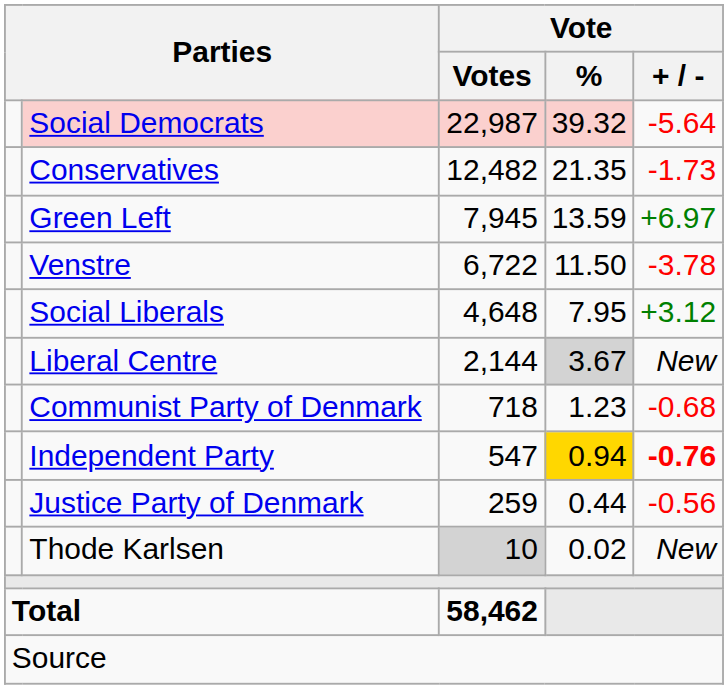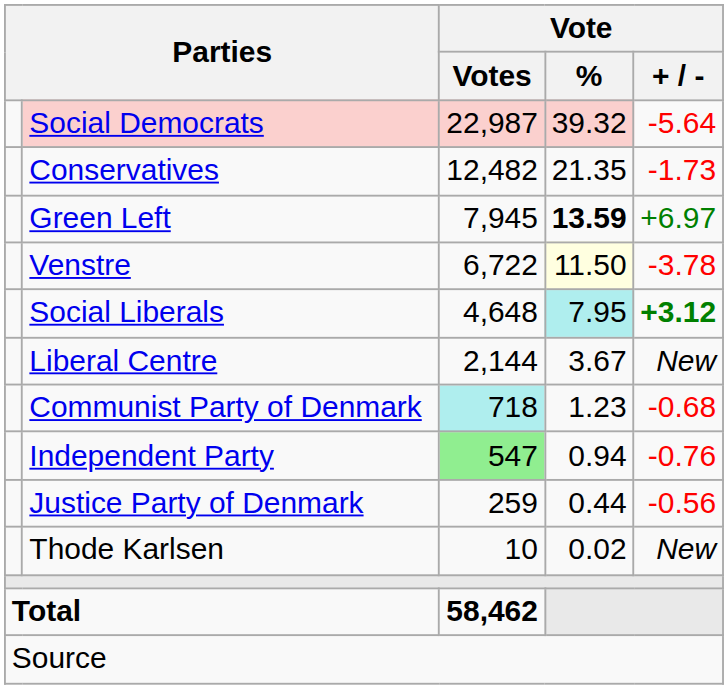 <table class="wikitable" style="text-align:right;">
 <tr>
 <th style="text-align:centre;" rowspan="2" colspan="2" width="225">Parties</th>
 <th colspan="3">Vote</th>
 </tr>
 <tr>
 <th width="15">Votes</th>
 <th width="15">%</th>
 <th width="15">+ / -</th>
 </tr>
 <tr>
 <td width="2" style="color:inherit;background:"></td>
 <td bgcolor=#fbd0ce  align="left"><a href='#'>Social Democrats</a></td>
 <td bgcolor=#fbd0ce>22,987</td>
 <td bgcolor=#fbd0ce>39.32</td>
 <td style=color:red;>-5.64</td>
 </tr>
 <tr>
 <td width="2" style="color:inherit;background:"></td>
 <td align="left"><a href='#'>Conservatives</a></td>
 <td>12,482</td>
 <td>21.35</td>
 <td style=color:red;>-1.73</td>
 </tr>
 <tr>
 <td width="2" style="color:inherit;background:"></td>
 <td align="left"><a href='#'>Green Left</a></td>
 <td>7,945</td>
-<td>13.59</td>
+<td><strong>13.59</strong></td>
 <td style=color:green;>+6.97</td>
 </tr>
 <tr>
 <td width="2" style="color:inherit;background:"></td>
 <td align="left"><a href='#'>Venstre</a></td>
 <td>6,722</td>
-<td>11.50</td>
+<td style="background: lightyellow;">11.50</td>
 <td style=color:red;>-3.78</td>
 </tr>
 <tr>
 <td width="2" style="color:inherit;background:"></td>
 <td align="left"><a href='#'>Social Liberals</a></td>
 <td>4,648</td>
-<td>7.95</td>
-<td style=color:green;>+3.12</td>
+<td style="background: paleturquoise;">7.95</td>
+<td style=color:green;><strong>+3.12</strong></td>
 </tr>
 <tr>
 <td width="2" style="color:inherit;background:"></td>
 <td align="left"><a href='#'>Liberal Centre</a></td>
 <td>2,144</td>
-<td style="background: lightgrey;">3.67</td>
+<td>3.67</td>
 <td><em>New</em></td>
 </tr>
 <tr>
 <td width="2" style="color:inherit;background:"></td>
 <td align="left"><a href='#'>Communist Party of Denmark</a></td>
-<td>718</td>
+<td style="background: paleturquoise;">718</td>
 <td>1.23</td>
 <td style=color:red;>-0.68</td>
 </tr>
 <tr>
 <td width="2" style="color:inherit;background:"></td>
 <td align="left"><a href='#'>Independent Party</a></td>
-<td>547</td>
-<td style="background: gold;">0.94</td>
-<td style=color:red;><strong>-0.76</strong></td>
+<td style="background: lightgreen;">547</td>
+<td>0.94</td>
+<td style=color:red;>-0.76</td>
 </tr>
 <tr>
 <td width="2" style="color:inherit;background:"></td>
 <td align="left"><a href='#'>Justice Party of Denmark</a></td>
 <td>259</td>
 <td>0.44</td>
 <td style=color:red;>-0.56</td>
 </tr>
 <tr>
 <td width="2" style="color:inherit;background:"></td>
 <td align="left">Thode Karlsen</td>
-<td style="background: lightgrey;">10</td>
+<td>10</td>
 <td>0.02</td>
 <td><em>New</em></td>
 </tr>
 <tr>
 <td colspan="7" bgcolor="#E9E9E9"></td>
 </tr>
 <tr>
 <td align="left" colspan="2"><strong>Total</strong></td>
 <td><strong>58,462</strong></td>
 <td bgcolor="#E9E9E9" colspan="2"></td>
 </tr>
 <tr>
 <td align="left" colspan="6">Source</td>
 </tr>
 </table>
